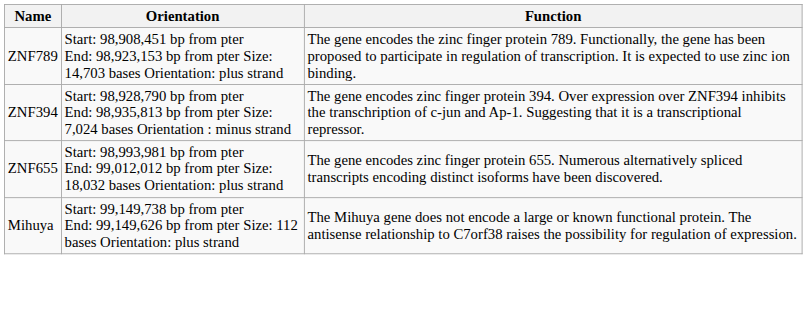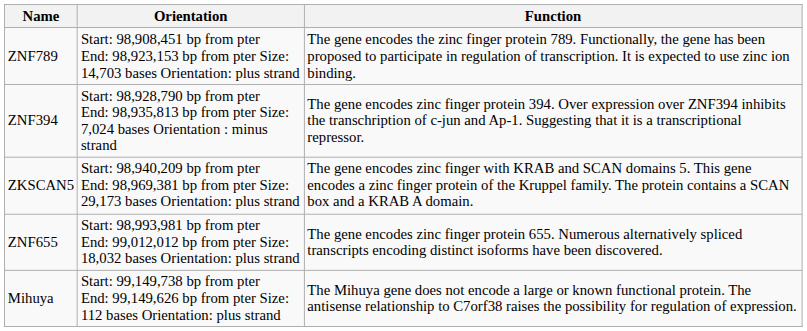 <table class="wikitable">
 <tr>
 <th>Name</th>
 <th>Orientation</th>
 <th>Function</th>
 </tr>
 <tr>
 <td>ZNF789</td>
 <td>Start: 98,908,451 bp from pter<br>End: 98,923,153 bp from pter Size: 14,703 bases Orientation: plus strand</td>
 <td>The gene encodes the zinc finger protein 789. Functionally, the gene has been proposed to participate in regulation of transcription.  It is expected to use zinc ion binding.</td>
 </tr>
 <tr>
 <td>ZNF394</td>
 <td>Start:	98,928,790 bp from pter<br>End:	98,935,813 bp from pter Size:	7,024 bases Orientation : 	minus strand</td>
 <td>The gene encodes zinc finger protein 394. Over expression over ZNF394 inhibits the transchription of c-jun and Ap-1.  Suggesting that it is a transcriptional repressor.</td>
 </tr>
 <tr>
+<td>ZKSCAN5</td>
+<td>Start:	98,940,209 bp from pter<br>End:	98,969,381 bp from pter Size:	29,173 bases Orientation:	plus strand</td>
+<td>The gene encodes zinc finger with KRAB and SCAN domains 5.  This gene encodes a zinc finger protein of the Kruppel family. The protein contains a SCAN box and a KRAB A domain.</td>
+</tr>
+<tr>
 <td>ZNF655</td>
 <td>Start:	98,993,981 bp from pter<br>End:	99,012,012 bp from pter Size:	18,032 bases Orientation:	plus strand</td>
 <td>The gene encodes zinc finger protein 655.    Numerous alternatively spliced transcripts encoding distinct isoforms have been discovered.</td>
 </tr>
 <tr>
 <td>Mihuya</td>
 <td>Start:	99,149,738 bp from pter<br>End:	99,149,626 bp from pter Size:	112 bases Orientation:	plus strand</td>
 <td>The Mihuya gene does not encode a large or known functional protein.  The antisense relationship to C7orf38 raises the possibility for regulation of expression.</td>
 </tr>
 </table>
